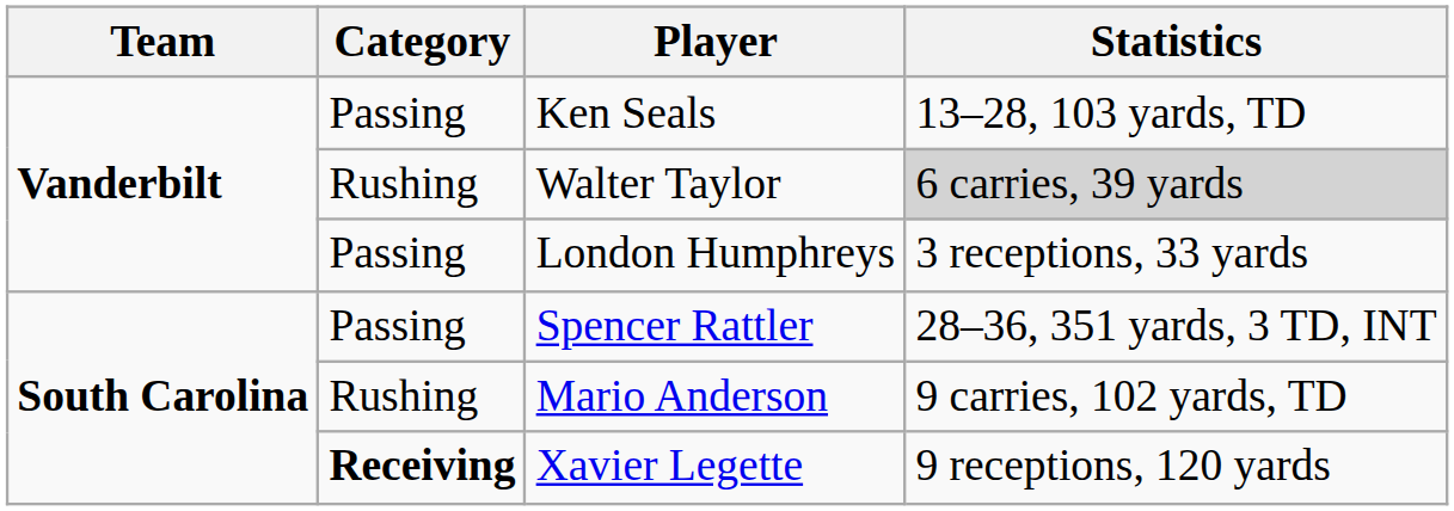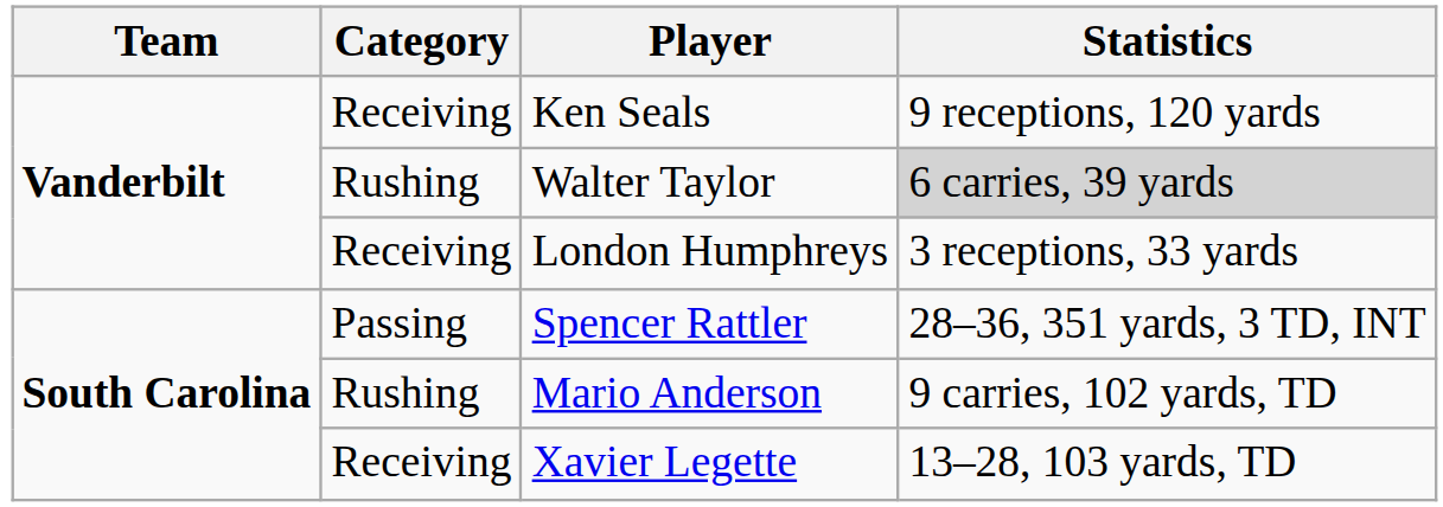 <table class="wikitable" style="float: right;">
 <tr>
 <th>Team</th>
 <th>Category</th>
 <th>Player</th>
 <th>Statistics</th>
 </tr>
 <tr>
 <td rowspan=3><strong>Vanderbilt</strong></td>
-<td>Passing</td>
+<td>Receiving</td>
 <td>Ken Seals</td>
-<td>13–28, 103 yards, TD</td>
+<td>9 receptions, 120 yards</td>
 </tr>
 <tr>
 <td>Rushing</td>
 <td>Walter Taylor</td>
 <td style="background: lightgrey;">6 carries, 39 yards</td>
 </tr>
 <tr>
-<td>Passing</td>
+<td>Receiving</td>
 <td>London Humphreys</td>
 <td>3 receptions, 33 yards</td>
 </tr>
 <tr>
 <td rowspan=3><strong>South Carolina</strong></td>
 <td>Passing</td>
 <td><a href='#'>Spencer Rattler</a></td>
 <td>28–36, 351 yards, 3 TD, INT</td>
 </tr>
 <tr>
 <td>Rushing</td>
 <td><a href='#'>Mario Anderson</a></td>
 <td>9 carries, 102 yards, TD</td>
 </tr>
 <tr>
-<td><strong>Receiving</strong></td>
+<td>Receiving</td>
 <td><a href='#'>Xavier Legette</a></td>
-<td>9 receptions, 120 yards</td>
+<td>13–28, 103 yards, TD</td>
 </tr>
 </table>
